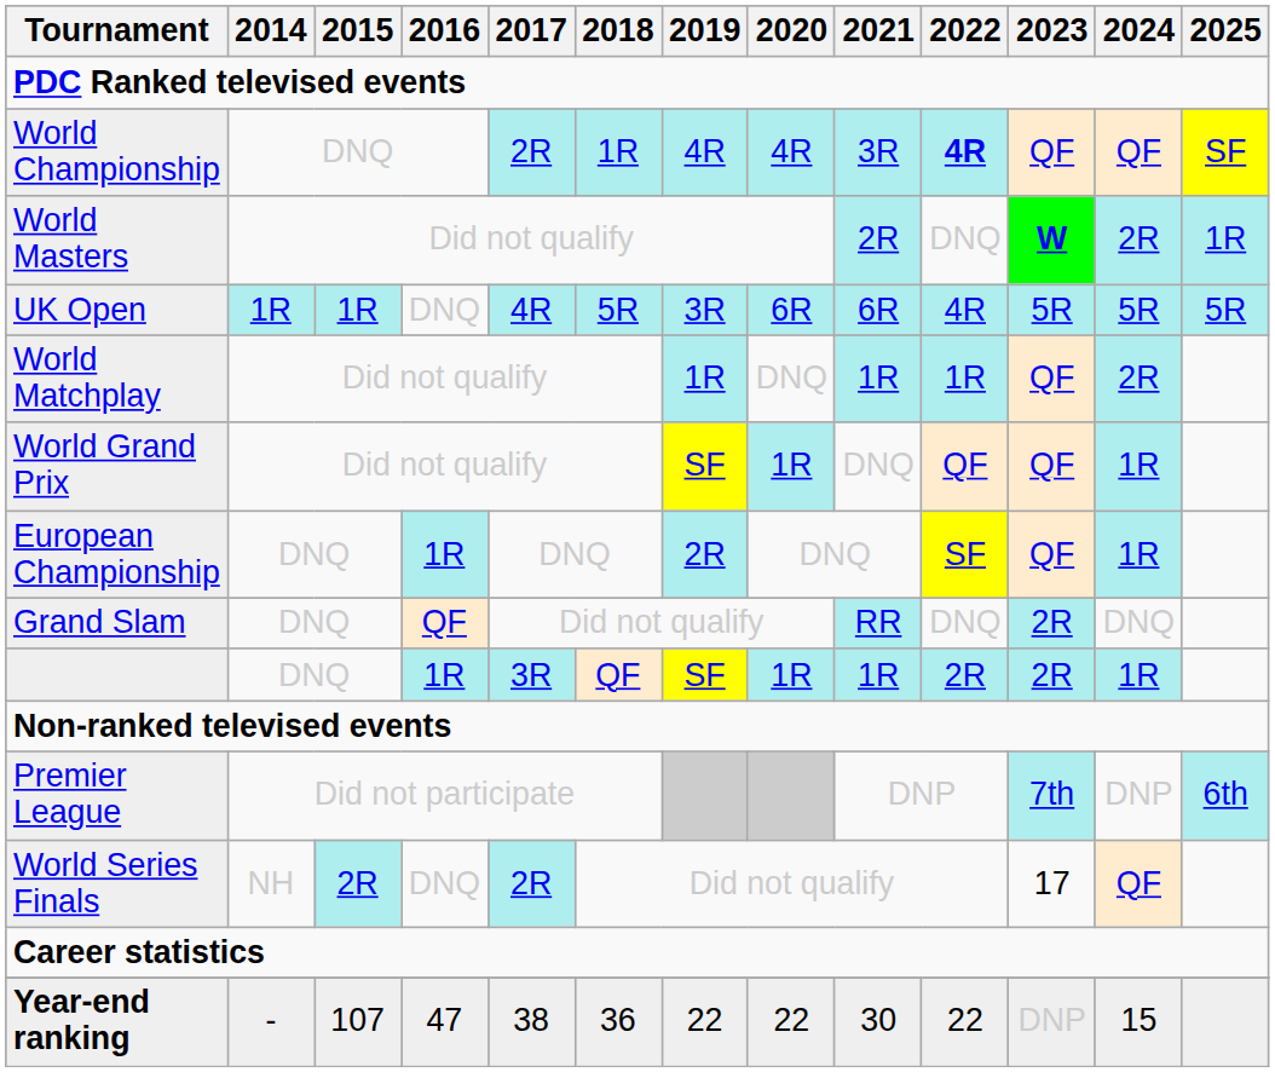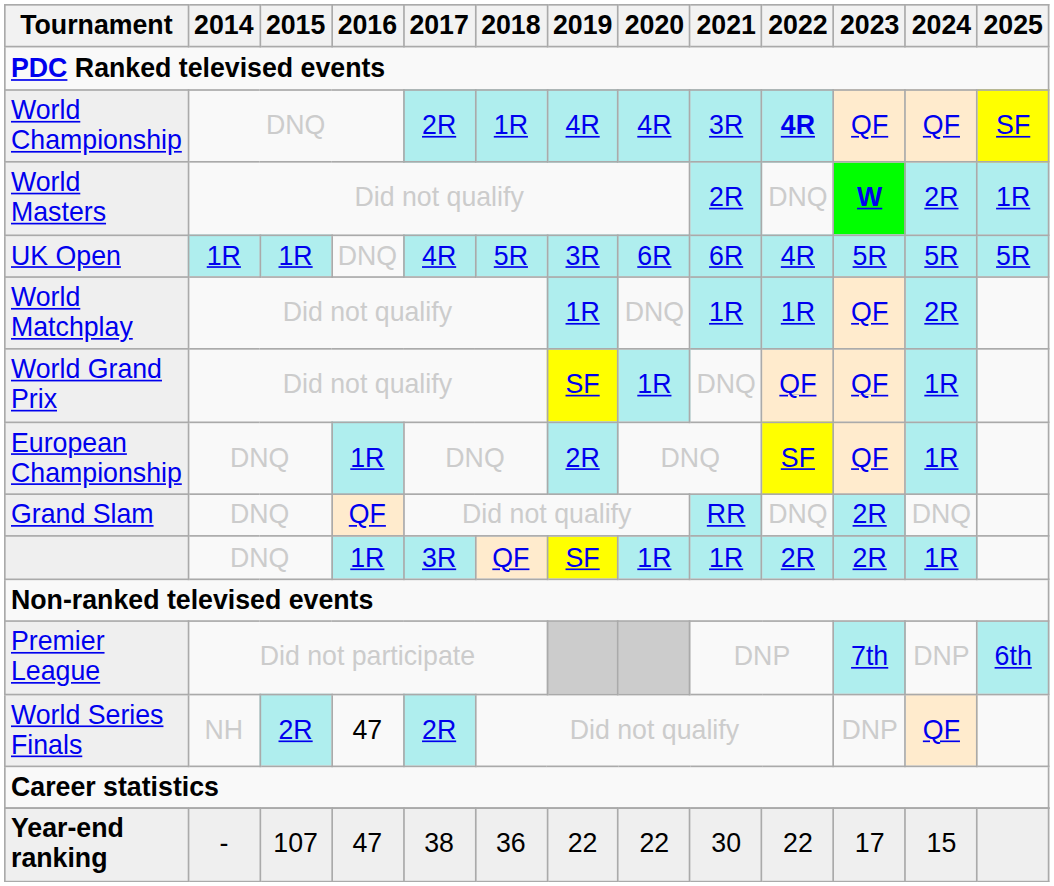 <table class="wikitable" style="width:30%; margin:0">
 <tr>
 <th>Tournament</th>
 <th>2014</th>
 <th>2015</th>
 <th>2016</th>
 <th>2017</th>
 <th>2018</th>
 <th>2019</th>
 <th>2020</th>
 <th>2021</th>
 <th>2022</th>
 <th>2023</th>
 <th>2024</th>
 <th>2025</th>
 </tr>
 <tr>
 <td colspan="14" style="text-align:left"><strong><a href='#'>PDC</a> Ranked televised events</strong></td>
 </tr>
 <tr>
 <td style="background:#efefef;"><a href='#'>World Championship</a></td>
 <td colspan="3" style="text-align:center; color:#ccc;">DNQ</td>
 <td style="text-align:center; background:#afeeee;"><a href='#'>2R</a></td>
 <td style="text-align:center; background:#afeeee;"><a href='#'>1R</a></td>
 <td style="text-align:center; background:#afeeee;"><a href='#'>4R</a></td>
 <td style="text-align:center; background:#afeeee;"><a href='#'>4R</a></td>
 <td style="text-align:center; background:#afeeee;"><a href='#'>3R</a></td>
 <td style="text-align:center; background:#afeeee;"><strong><a href='#'>4R</a></strong></td>
 <td style="text-align:center; background:#ffebcd;"><a href='#'>QF</a></td>
 <td style="text-align:center; background:#ffebcd;"><a href='#'>QF</a></td>
 <td style="text-align:center; background:yellow;"><a href='#'>SF</a></td>
 </tr>
 <tr>
 <td style="background:#efefef;"><a href='#'>World Masters</a></td>
 <td colspan="7" style="text-align:center; color:#ccc;">Did not qualify</td>
 <td style="text-align:center; background:#afeeee;"><a href='#'>2R</a></td>
 <td style="text-align:center; color:#ccc;">DNQ</td>
 <td style="text-align:center; background:lime;"><strong><a href='#'>W</a></strong></td>
 <td style="text-align:center; background:#afeeee;"><a href='#'>2R</a></td>
 <td style="text-align:center; background:#afeeee;"><a href='#'>1R</a></td>
 </tr>
 <tr>
 <td style="background:#efefef;"><a href='#'>UK Open</a></td>
 <td style="text-align:center; background:#afeeee;"><a href='#'>1R</a></td>
 <td style="text-align:center; background:#afeeee;"><a href='#'>1R</a></td>
 <td style="text-align:center; color:#ccc;">DNQ</td>
 <td style="text-align:center; background:#afeeee;"><a href='#'>4R</a></td>
 <td style="text-align:center; background:#afeeee;"><a href='#'>5R</a></td>
 <td style="text-align:center; background:#afeeee;"><a href='#'>3R</a></td>
 <td style="text-align:center; background:#afeeee;"><a href='#'>6R</a></td>
 <td style="text-align:center; background:#afeeee;"><a href='#'>6R</a></td>
 <td style="text-align:center; background:#afeeee;"><a href='#'>4R</a></td>
 <td style="text-align:center; background:#afeeee;"><a href='#'>5R</a></td>
 <td style="text-align:center; background:#afeeee;"><a href='#'>5R</a></td>
 <td style="text-align:center; background:#afeeee;"><a href='#'>5R</a></td>
 </tr>
 <tr>
 <td style="background:#efefef;"><a href='#'>World Matchplay</a></td>
 <td colspan="5" style="text-align:center; color:#ccc;">Did not qualify</td>
 <td style="text-align:center; background:#afeeee;"><a href='#'>1R</a></td>
 <td style="text-align:center; color:#ccc;">DNQ</td>
 <td style="text-align:center; background:#afeeee;"><a href='#'>1R</a></td>
 <td style="text-align:center; background:#afeeee;"><a href='#'>1R</a></td>
 <td style="text-align:center; background:#ffebcd;"><a href='#'>QF</a></td>
 <td style="text-align:center; background:#afeeee;"><a href='#'>2R</a></td>
 <td></td>
 </tr>
 <tr>
 <td style="background:#efefef;"><a href='#'>World Grand Prix</a></td>
 <td colspan="5" style="text-align:center; color:#ccc;">Did not qualify</td>
 <td style="text-align:center; background:yellow;"><a href='#'>SF</a></td>
 <td style="text-align:center; background:#afeeee;"><a href='#'>1R</a></td>
 <td style="text-align:center; color:#ccc;">DNQ</td>
 <td style="text-align:center; background:#ffebcd;"><a href='#'>QF</a></td>
 <td style="text-align:center; background:#ffebcd;"><a href='#'>QF</a></td>
 <td style="text-align:center; background:#afeeee;"><a href='#'>1R</a></td>
 <td></td>
 </tr>
 <tr>
 <td style="background:#efefef;"><a href='#'>European Championship</a></td>
 <td colspan="2" style="text-align:center; color:#ccc;">DNQ</td>
 <td style="text-align:center; background:#afeeee;"><a href='#'>1R</a></td>
 <td colspan="2" style="text-align:center; color:#ccc;">DNQ</td>
 <td style="text-align:center; background:#afeeee;"><a href='#'>2R</a></td>
 <td colspan="2" style="text-align:center; color:#ccc;">DNQ</td>
 <td style="text-align:center; background:yellow;"><a href='#'>SF</a></td>
 <td style="text-align:center; background:#ffebcd"><a href='#'>QF</a></td>
 <td style="text-align:center; background:#afeeee;"><a href='#'>1R</a></td>
 <td></td>
 </tr>
 <tr>
 <td style="background:#efefef;"><a href='#'>Grand Slam</a></td>
 <td colspan="2" style="text-align:center; color:#ccc;">DNQ</td>
 <td style="text-align:center; background:#ffebcd;"><a href='#'>QF</a></td>
 <td colspan="4" style="text-align:center; color:#ccc;">Did not qualify</td>
 <td style="text-align:center; background:#afeeee;"><a href='#'>RR</a></td>
 <td style="text-align:center; color:#ccc;">DNQ</td>
 <td style="text-align:center; background:#afeeee;"><a href='#'>2R</a></td>
 <td style="text-align:center; color:#ccc;">DNQ</td>
 <td></td>
 </tr>
 <tr>
 <td style="background:#efefef;"></td>
 <td colspan="2" style="text-align:center; color:#ccc;">DNQ</td>
 <td style="text-align:center; background:#afeeee;"><a href='#'>1R</a></td>
 <td style="text-align:center; background:#afeeee;"><a href='#'>3R</a></td>
 <td style="text-align:center; background:#ffebcd;"><a href='#'>QF</a></td>
 <td style="text-align:center; background:yellow;"><a href='#'>SF</a></td>
 <td style="text-align:center; background:#afeeee;"><a href='#'>1R</a></td>
 <td style="text-align:center; background:#afeeee;"><a href='#'>1R</a></td>
 <td style="text-align:center; background:#afeeee;"><a href='#'>2R</a></td>
 <td style="text-align:center; background:#afeeee;"><a href='#'>2R</a></td>
 <td style="text-align:center; background:#afeeee;"><a href='#'>1R</a></td>
 <td></td>
 </tr>
 <tr>
 <td colspan="22" align="left"><strong>Non-ranked televised events</strong></td>
 </tr>
 <tr>
 <td style="background:#efefef;"><a href='#'>Premier League</a></td>
 <td colspan="5" style="text-align:center; color:#ccc;">Did not participate</td>
 <td style="text-align:center; background:#ccc;"><a href='#'></a></td>
 <td style="text-align:center; background:#ccc;"><a href='#'></a></td>
 <td colspan="2" style="text-align:center; color:#ccc;">DNP</td>
 <td style="text-align:center; background:#afeeee;"><a href='#'>7th</a></td>
 <td style="text-align:center; color:#ccc;">DNP</td>
 <td style="text-align:center; background:#afeeee;"><a href='#'>6th</a></td>
 </tr>
 <tr>
 <td style="background:#efefef;"><a href='#'>World Series Finals</a></td>
 <td style="text-align:center; color:#ccc;">NH</td>
 <td style="text-align:center; background:#afeeee;"><a href='#'>2R</a></td>
-<td style="text-align:center; color:#ccc;">DNQ</td>
+<td style="text-align:center;">47</td>
 <td style="text-align:center; background:#afeeee;"><a href='#'>2R</a></td>
 <td colspan="5" style="text-align:center; color:#ccc;">Did not qualify</td>
-<td style="text-align:center;">17</td>
+<td style="text-align:center; color:#ccc;">DNP</td>
 <td style="text-align:center; background:#ffebcd;"><a href='#'>QF</a></td>
 <td></td>
 </tr>
 <tr>
 <td colspan="16" align="left"><strong>Career statistics</strong></td>
 </tr>
 <tr>
 </tr>
 <tr bgcolor="efefef">
 <td align="left"><strong>Year-end ranking</strong></td>
 <td style="text-align:center;">-</td>
 <td style="text-align:center;">107</td>
 <td style="text-align:center;">47</td>
 <td style="text-align:center;">38</td>
 <td style="text-align:center;">36</td>
 <td style="text-align:center;">22</td>
 <td style="text-align:center;">22</td>
 <td style="text-align:center;">30</td>
 <td style="text-align:center;">22</td>
-<td style="text-align:center; color:#ccc;">DNP</td>
+<td style="text-align:center;">17</td>
 <td style="text-align:center;">15</td>
 <td></td>
 </tr>
 </table>
